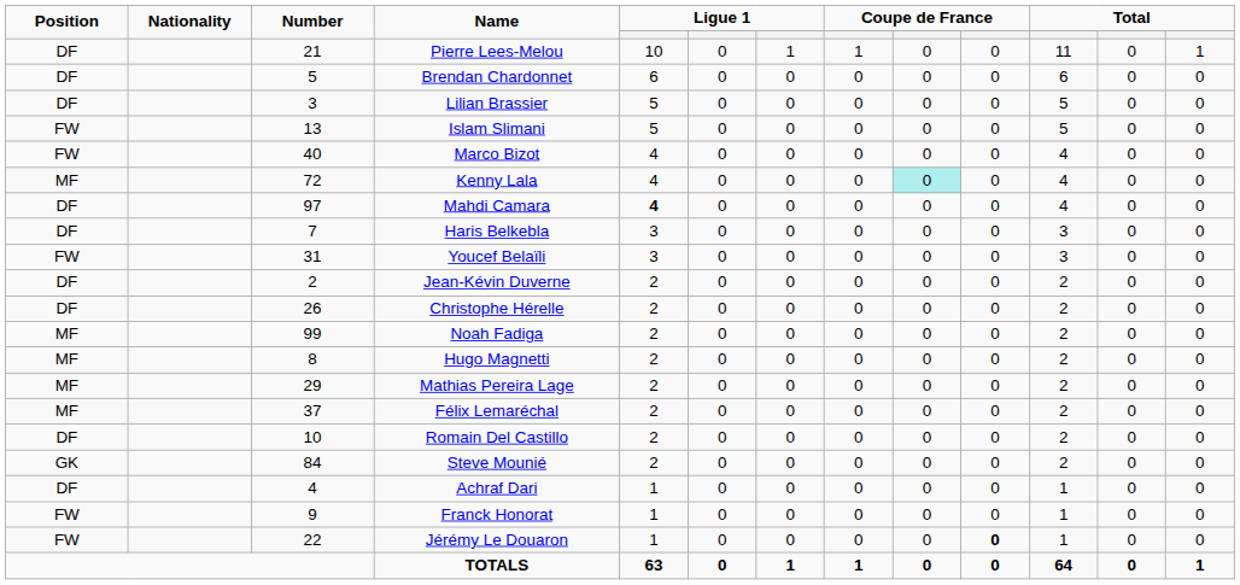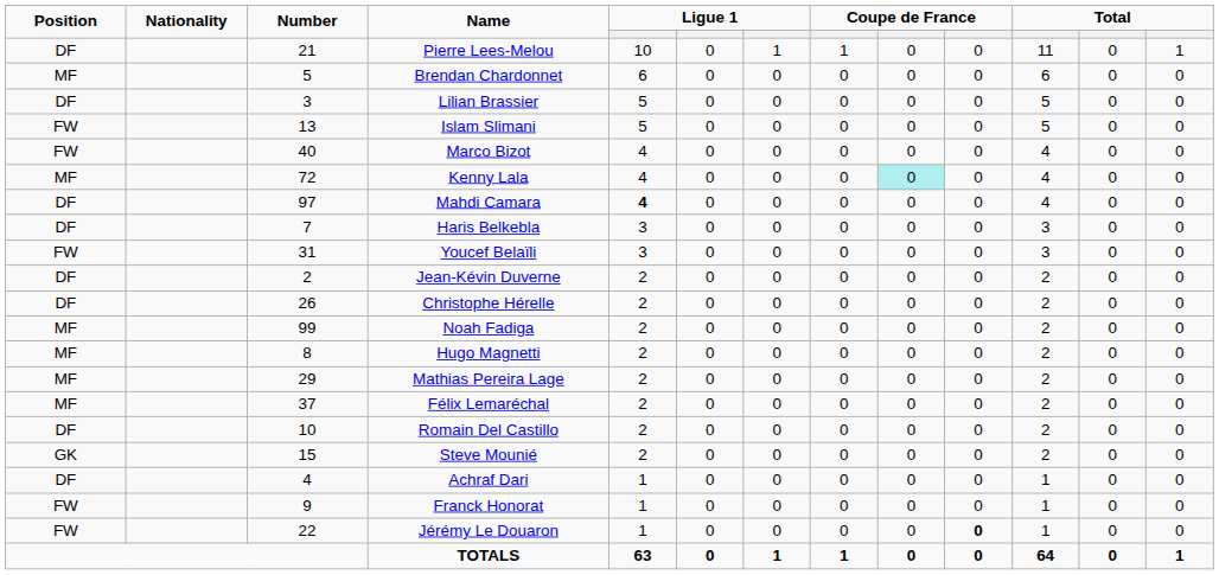 <table class="wikitable" style="font-size: 100%; text-align: center;">
 <tr>
 <td rowspan="2" width="10%" align="center"><strong>Position</strong></td>
 <td rowspan="2" width="10%" align="center"><strong>Nationality</strong></td>
 <td rowspan="2" width="10%" align="center"><strong>Number</strong></td>
 <td rowspan="2" width="20%" align="center"><strong>Name</strong></td>
 <td colspan="3" align="center"><strong>Ligue 1</strong></td>
 <td colspan="3" align="center"><strong>Coupe de France</strong></td>
 <td colspan="3" align="center"><strong>Total</strong></td>
 </tr>
 <tr>
 <th width=60 style="background:"></th>
 <th width=60 style="background:"></th>
 <th width=60 style="background:"></th>
 <th width=60 style="background:"></th>
 <th width=60 style="background:"></th>
 <th width=60 style="background:"></th>
 <th width=60 style="background:"></th>
 <th width=60 style="background:"></th>
 <th width=60 style="background:"></th>
 </tr>
 <tr>
 <td>DF</td>
 <td></td>
 <td>21</td>
 <td><a href='#'>Pierre Lees-Melou</a></td>
 <td>10</td>
 <td>0</td>
 <td>1</td>
 <td>1</td>
 <td>0</td>
 <td>0</td>
 <td>11</td>
 <td>0</td>
 <td>1</td>
 </tr>
 <tr>
-<td>DF</td>
+<td>MF</td>
 <td></td>
 <td>5</td>
 <td><a href='#'>Brendan Chardonnet</a></td>
 <td>6</td>
 <td>0</td>
 <td>0</td>
 <td>0</td>
 <td>0</td>
 <td>0</td>
 <td>6</td>
 <td>0</td>
 <td>0</td>
 </tr>
 <tr>
 <td>DF</td>
 <td></td>
 <td>3</td>
 <td><a href='#'>Lilian Brassier</a></td>
 <td>5</td>
 <td>0</td>
 <td>0</td>
 <td>0</td>
 <td>0</td>
 <td>0</td>
 <td>5</td>
 <td>0</td>
 <td>0</td>
 </tr>
 <tr>
 <td>FW</td>
 <td></td>
 <td>13</td>
 <td><a href='#'>Islam Slimani</a></td>
 <td>5</td>
 <td>0</td>
 <td>0</td>
 <td>0</td>
 <td>0</td>
 <td>0</td>
 <td>5</td>
 <td>0</td>
 <td>0</td>
 </tr>
 <tr>
 <td>FW</td>
 <td></td>
 <td>40</td>
 <td><a href='#'>Marco Bizot</a></td>
 <td>4</td>
 <td>0</td>
 <td>0</td>
 <td>0</td>
 <td>0</td>
 <td>0</td>
 <td>4</td>
 <td>0</td>
 <td>0</td>
 </tr>
 <tr>
 <td>MF</td>
 <td></td>
 <td>72</td>
 <td><a href='#'>Kenny Lala</a></td>
 <td>4</td>
 <td>0</td>
 <td>0</td>
 <td>0</td>
 <td style="background: paleturquoise;">0</td>
 <td>0</td>
 <td>4</td>
 <td>0</td>
 <td>0</td>
 </tr>
 <tr>
 <td>DF</td>
 <td></td>
 <td>97</td>
 <td><a href='#'>Mahdi Camara</a></td>
 <td><strong>4</strong></td>
 <td>0</td>
 <td>0</td>
 <td>0</td>
 <td>0</td>
 <td>0</td>
 <td>4</td>
 <td>0</td>
 <td>0</td>
 </tr>
 <tr>
 <td>DF</td>
 <td></td>
 <td>7</td>
 <td><a href='#'>Haris Belkebla</a></td>
 <td>3</td>
 <td>0</td>
 <td>0</td>
 <td>0</td>
 <td>0</td>
 <td>0</td>
 <td>3</td>
 <td>0</td>
 <td>0</td>
 </tr>
 <tr>
 <td>FW</td>
 <td></td>
 <td>31</td>
 <td><a href='#'>Youcef Belaïli</a></td>
 <td>3</td>
 <td>0</td>
 <td>0</td>
 <td>0</td>
 <td>0</td>
 <td>0</td>
 <td>3</td>
 <td>0</td>
 <td>0</td>
 </tr>
 <tr>
 <td>DF</td>
 <td></td>
 <td>2</td>
 <td><a href='#'>Jean-Kévin Duverne</a></td>
 <td>2</td>
 <td>0</td>
 <td>0</td>
 <td>0</td>
 <td>0</td>
 <td>0</td>
 <td>2</td>
 <td>0</td>
 <td>0</td>
 </tr>
 <tr>
 <td>DF</td>
 <td></td>
 <td>26</td>
 <td><a href='#'>Christophe Hérelle</a></td>
 <td>2</td>
 <td>0</td>
 <td>0</td>
 <td>0</td>
 <td>0</td>
 <td>0</td>
 <td>2</td>
 <td>0</td>
 <td>0</td>
 </tr>
 <tr>
 <td>MF</td>
 <td></td>
 <td>99</td>
 <td><a href='#'>Noah Fadiga</a></td>
 <td>2</td>
 <td>0</td>
 <td>0</td>
 <td>0</td>
 <td>0</td>
 <td>0</td>
 <td>2</td>
 <td>0</td>
 <td>0</td>
 </tr>
 <tr>
 <td>MF</td>
 <td></td>
 <td>8</td>
 <td><a href='#'>Hugo Magnetti</a></td>
 <td>2</td>
 <td>0</td>
 <td>0</td>
 <td>0</td>
 <td>0</td>
 <td>0</td>
 <td>2</td>
 <td>0</td>
 <td>0</td>
 </tr>
 <tr>
 <td>MF</td>
 <td></td>
 <td>29</td>
 <td><a href='#'>Mathias Pereira Lage</a></td>
 <td>2</td>
 <td>0</td>
 <td>0</td>
 <td>0</td>
 <td>0</td>
 <td>0</td>
 <td>2</td>
 <td>0</td>
 <td>0</td>
 </tr>
 <tr>
 <td>MF</td>
 <td></td>
 <td>37</td>
 <td><a href='#'>Félix Lemaréchal</a></td>
 <td>2</td>
 <td>0</td>
 <td>0</td>
 <td>0</td>
 <td>0</td>
 <td>0</td>
 <td>2</td>
 <td>0</td>
 <td>0</td>
 </tr>
 <tr>
 <td>DF</td>
 <td></td>
 <td>10</td>
 <td><a href='#'>Romain Del Castillo</a></td>
 <td>2</td>
 <td>0</td>
 <td>0</td>
 <td>0</td>
 <td>0</td>
 <td>0</td>
 <td>2</td>
 <td>0</td>
 <td>0</td>
 </tr>
 <tr>
 <td>GK</td>
 <td></td>
-<td>84</td>
+<td>15</td>
 <td><a href='#'>Steve Mounié</a></td>
 <td>2</td>
 <td>0</td>
 <td>0</td>
 <td>0</td>
 <td>0</td>
 <td>0</td>
 <td>2</td>
 <td>0</td>
 <td>0</td>
 </tr>
 <tr>
 <td>DF</td>
 <td></td>
 <td>4</td>
 <td><a href='#'>Achraf Dari</a></td>
 <td>1</td>
 <td>0</td>
 <td>0</td>
 <td>0</td>
 <td>0</td>
 <td>0</td>
 <td>1</td>
 <td>0</td>
 <td>0</td>
 </tr>
 <tr>
 <td>FW</td>
 <td></td>
 <td>9</td>
 <td><a href='#'>Franck Honorat</a></td>
 <td>1</td>
 <td>0</td>
 <td>0</td>
 <td>0</td>
 <td>0</td>
 <td>0</td>
 <td>1</td>
 <td>0</td>
 <td>0</td>
 </tr>
 <tr>
 <td>FW</td>
 <td></td>
 <td>22</td>
 <td><a href='#'>Jérémy Le Douaron</a></td>
 <td>1</td>
 <td>0</td>
 <td>0</td>
 <td>0</td>
 <td>0</td>
 <td><strong>0</strong></td>
 <td>1</td>
 <td>0</td>
 <td>0</td>
 </tr>
 <tr>
 <td colspan="3"></td>
 <td><strong>TOTALS</strong></td>
 <td><strong>63</strong></td>
 <td><strong>0</strong></td>
 <td><strong>1</strong></td>
 <td><strong>1</strong></td>
 <td><strong>0</strong></td>
 <td><strong>0</strong></td>
 <td><strong>64</strong></td>
 <td><strong>0</strong></td>
 <td><strong>1</strong></td>
 </tr>
 </table>
